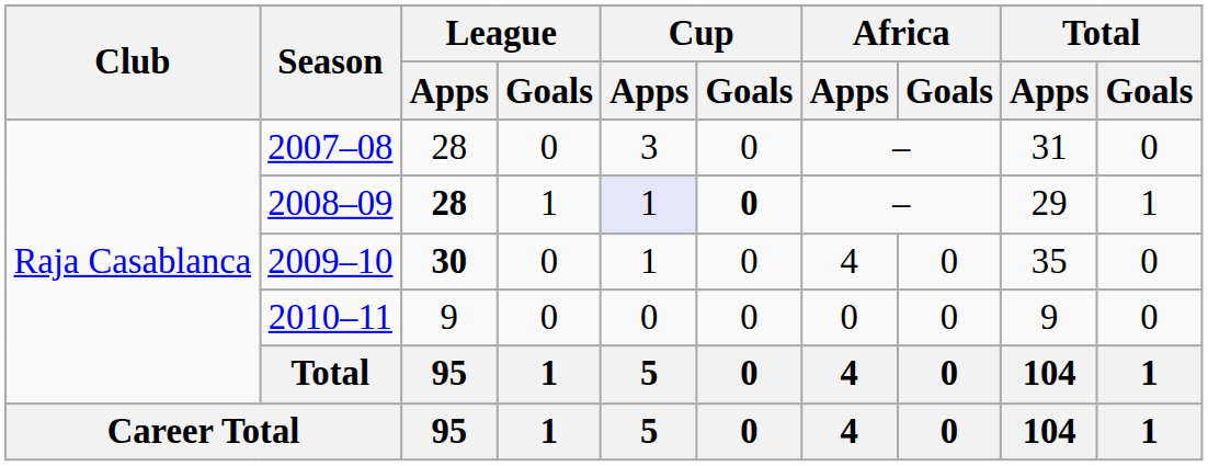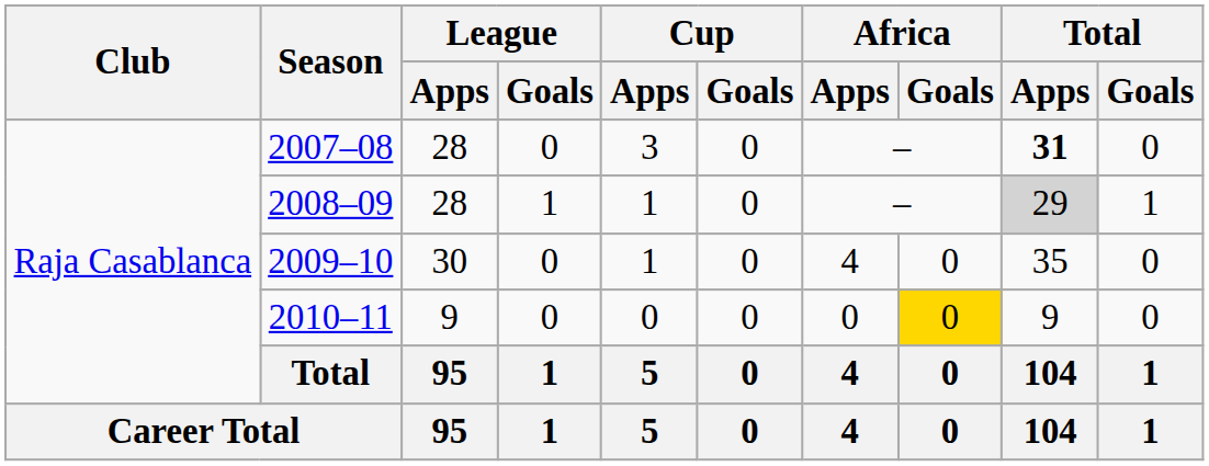 <table class="wikitable" style="text-align: center;">
 <tr>
 <th rowspan="2">Club</th>
 <th rowspan="2">Season</th>
 <th colspan="2">League</th>
 <th colspan="2">Cup</th>
 <th colspan="2">Africa</th>
 <th colspan="2">Total</th>
 </tr>
 <tr>
 <th>Apps</th>
 <th>Goals</th>
 <th>Apps</th>
 <th>Goals</th>
 <th>Apps</th>
 <th>Goals</th>
 <th>Apps</th>
 <th>Goals</th>
 </tr>
 <tr>
 <td rowspan="5" valign="center"><a href='#'>Raja Casablanca</a></td>
 <td><a href='#'>2007–08</a></td>
 <td>28</td>
 <td>0</td>
 <td>3</td>
 <td>0</td>
 <td colspan="2">–</td>
-<td>31</td>
+<td><strong>31</strong></td>
 <td>0</td>
 </tr>
 <tr>
 <td><a href='#'>2008–09</a></td>
-<td><strong>28</strong></td>
+<td>28</td>
 <td>1</td>
-<td style="background: lavender;">1</td>
-<td><strong>0</strong></td>
+<td>1</td>
+<td>0</td>
 <td colspan="2">–</td>
-<td>29</td>
+<td style="background: lightgrey;">29</td>
 <td>1</td>
 </tr>
 <tr>
 <td><a href='#'>2009–10</a></td>
-<td><strong>30</strong></td>
+<td>30</td>
 <td>0</td>
 <td>1</td>
 <td>0</td>
 <td>4</td>
 <td>0</td>
 <td>35</td>
 <td>0</td>
 </tr>
 <tr>
 <td><a href='#'>2010–11</a></td>
 <td>9</td>
 <td>0</td>
 <td>0</td>
 <td>0</td>
 <td>0</td>
-<td>0</td>
+<td style="background: gold;">0</td>
 <td>9</td>
 <td>0</td>
 </tr>
 <tr>
 <th>Total</th>
 <th>95</th>
 <th>1</th>
 <th>5</th>
 <th>0</th>
 <th>4</th>
 <th>0</th>
 <th>104</th>
 <th>1</th>
 </tr>
 <tr>
 <th colspan="2">Career Total</th>
 <th>95</th>
 <th>1</th>
 <th>5</th>
 <th>0</th>
 <th>4</th>
 <th>0</th>
 <th>104</th>
 <th>1</th>
 </tr>
 </table>
